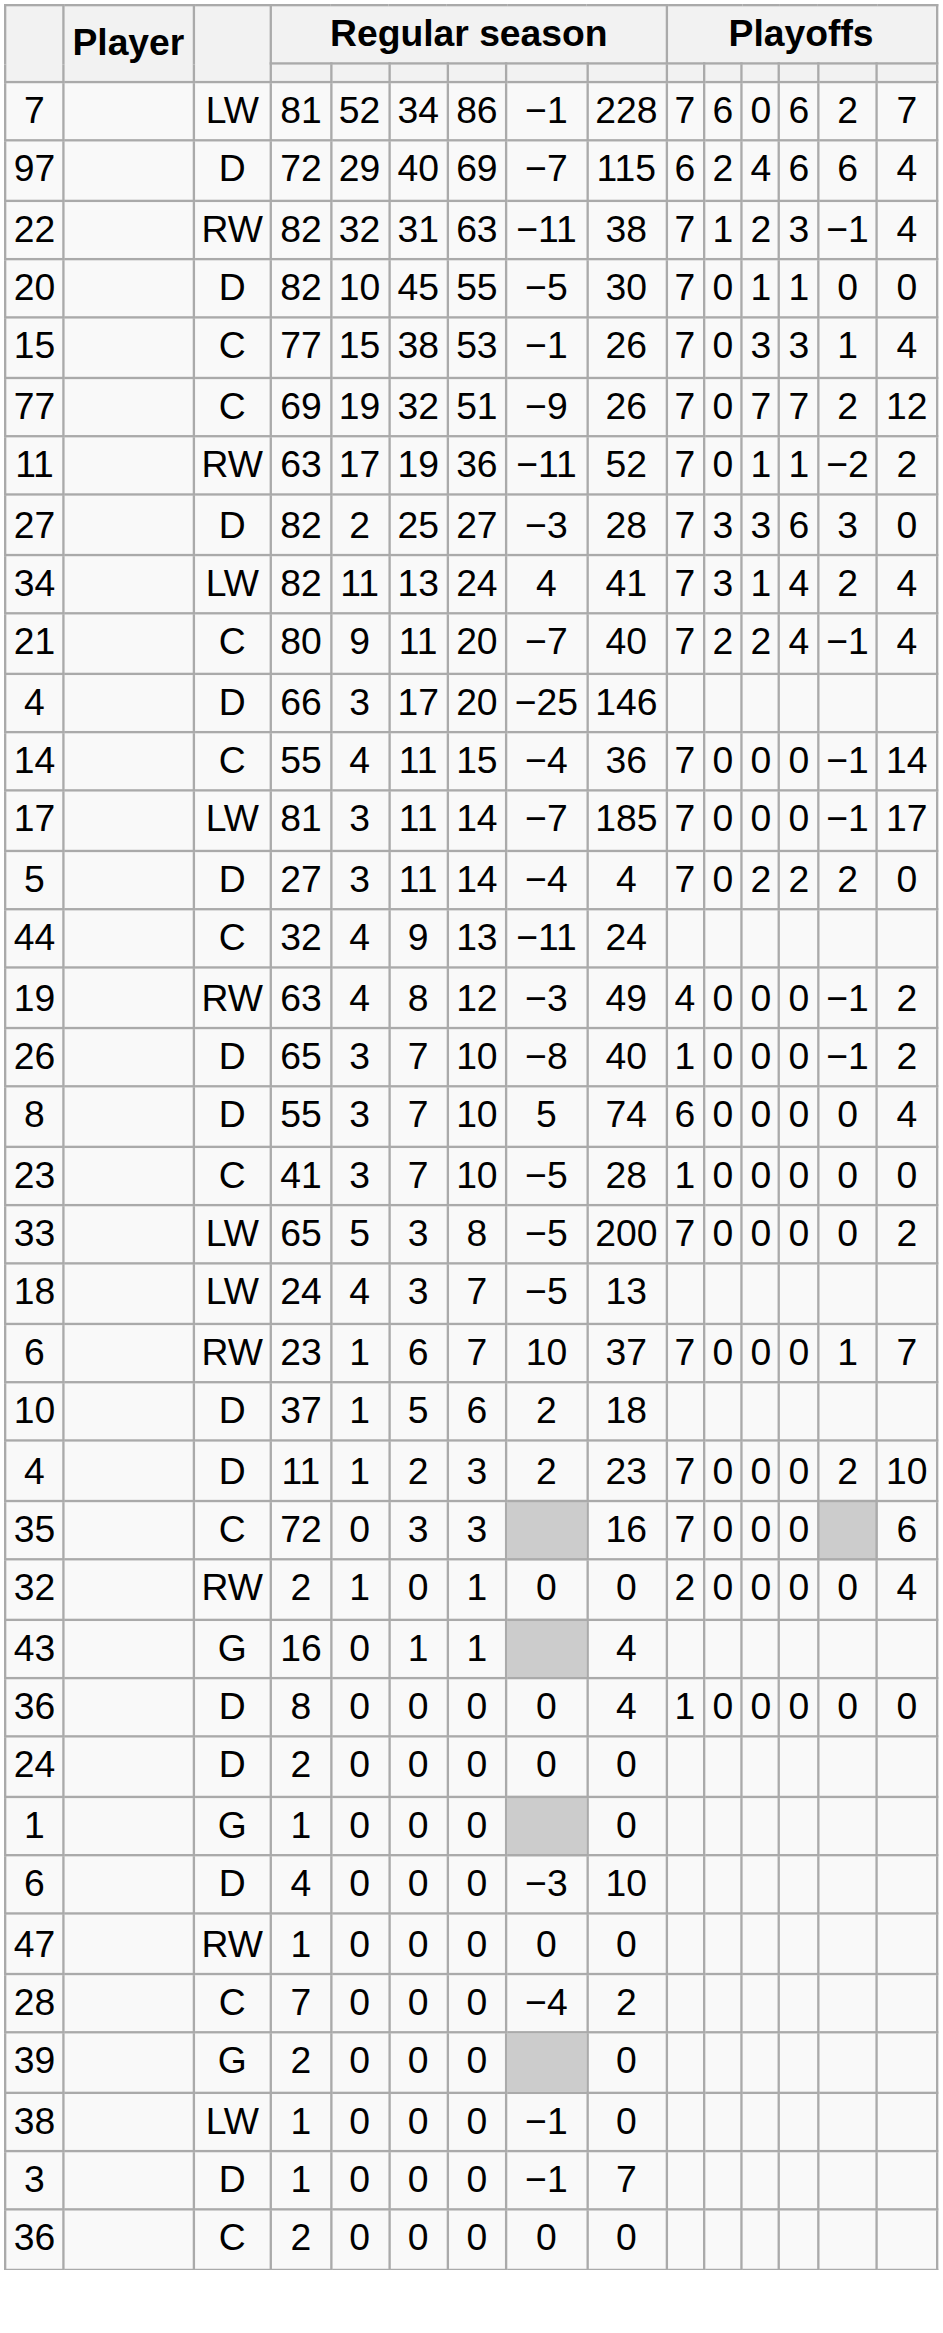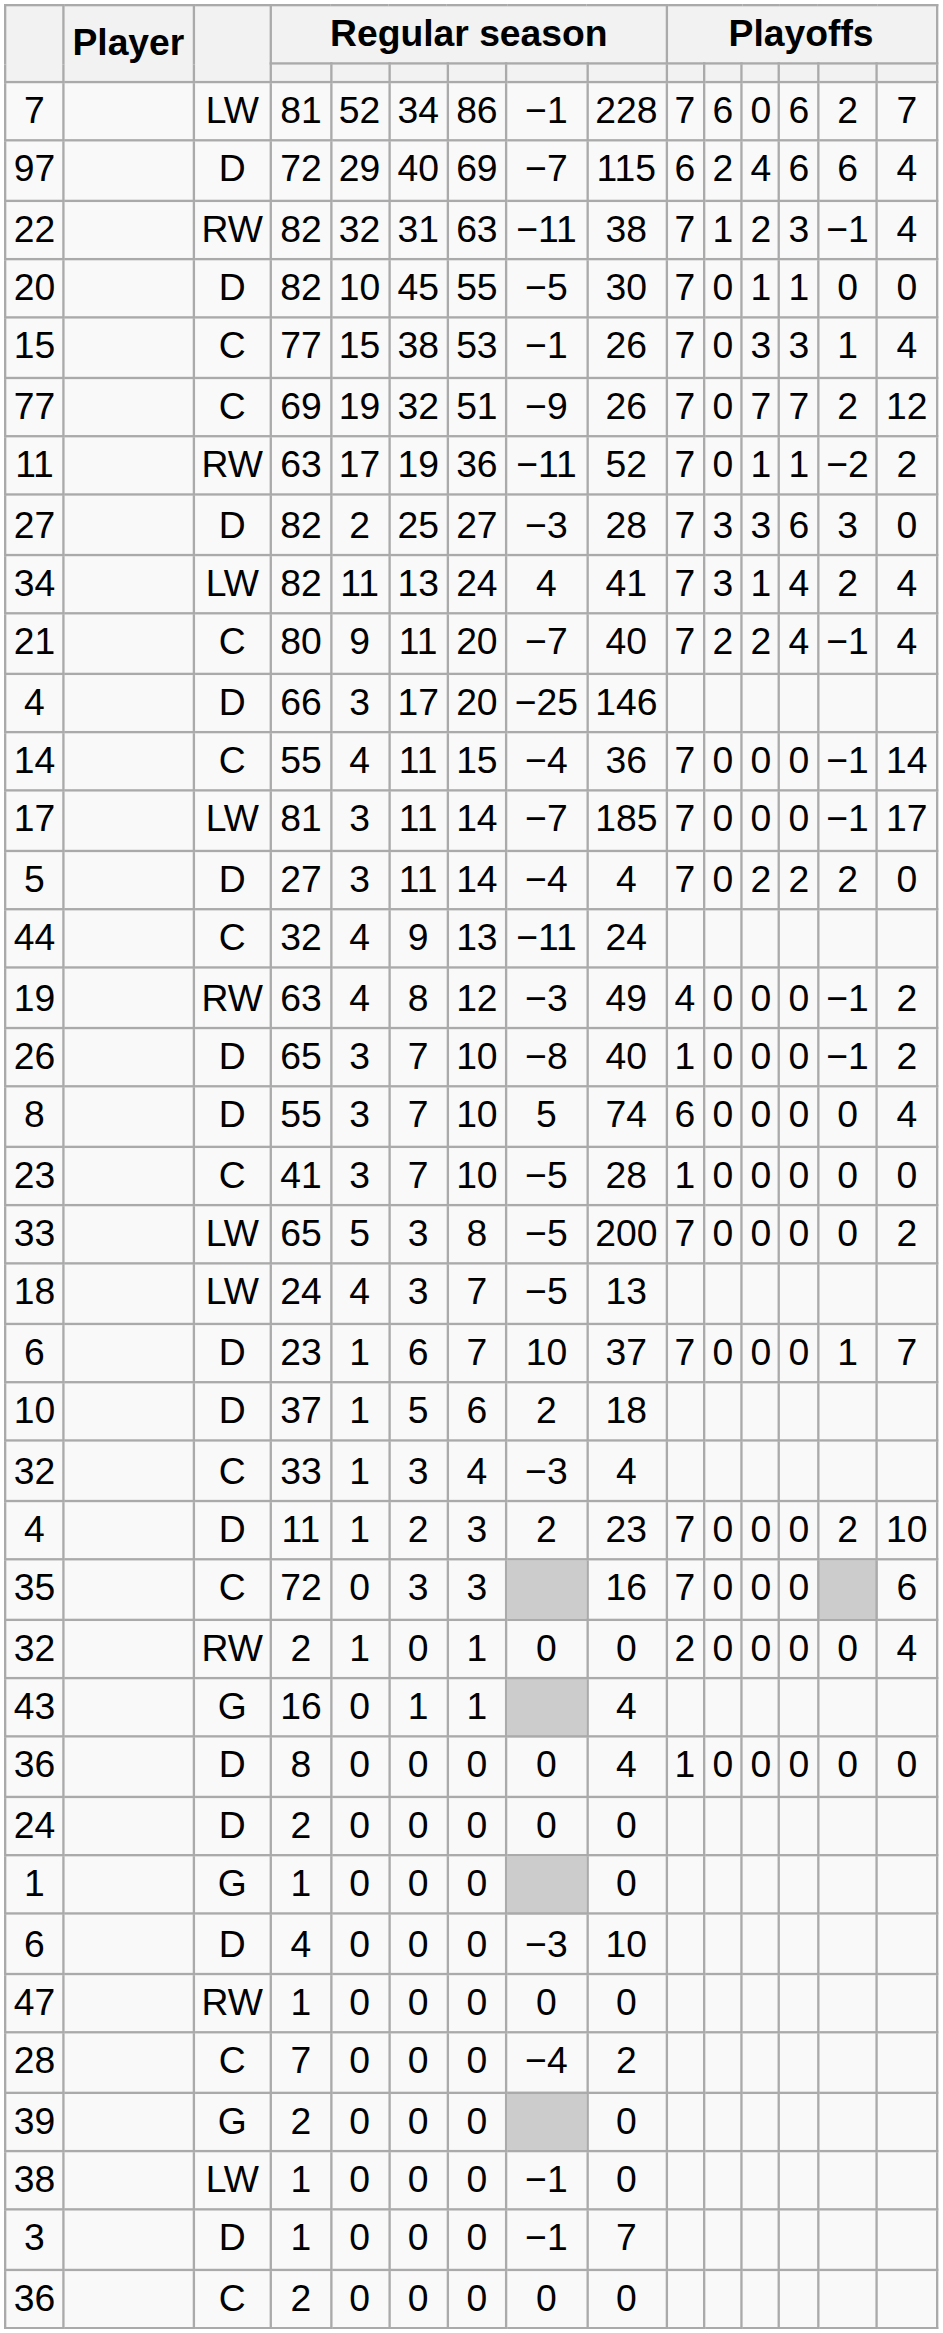 <table class="wikitable sortable plainrowheaders" style="text-align:center;">
 <tr>
 <th scope="col" data-sort-type="number" rowspan="2"></th>
 <th scope="col" rowspan="2">Player</th>
 <th scope="col" rowspan="2"></th>
 <th scope=colgroup colspan=6>Regular season</th>
 <th scope=colgroup colspan=6>Playoffs</th>
 </tr>
 <tr>
 <th scope="col" data-sort-type="number"></th>
 <th scope="col" data-sort-type="number"></th>
 <th scope="col" data-sort-type="number"></th>
 <th scope="col" data-sort-type="number"></th>
 <th scope="col" data-sort-type="number"></th>
 <th scope="col" data-sort-type="number"></th>
 <th scope="col" data-sort-type="number"></th>
 <th scope="col" data-sort-type="number"></th>
 <th scope="col" data-sort-type="number"></th>
 <th scope="col" data-sort-type="number"></th>
 <th scope="col" data-sort-type="number"></th>
 <th scope="col" data-sort-type="number"></th>
 </tr>
 <tr>
 <td scope="row">7</td>
 <td align="left"></td>
 <td>LW</td>
 <td>81</td>
 <td>52</td>
 <td>34</td>
 <td>86</td>
 <td>−1</td>
 <td>228</td>
 <td>7</td>
 <td>6</td>
 <td>0</td>
 <td>6</td>
 <td>2</td>
 <td>7</td>
 </tr>
 <tr>
 <td scope="row">97</td>
 <td align="left"></td>
 <td>D</td>
 <td>72</td>
 <td>29</td>
 <td>40</td>
 <td>69</td>
 <td>−7</td>
 <td>115</td>
 <td>6</td>
 <td>2</td>
 <td>4</td>
 <td>6</td>
 <td>6</td>
 <td>4</td>
 </tr>
 <tr>
 <td scope="row">22</td>
 <td align="left"></td>
 <td>RW</td>
 <td>82</td>
 <td>32</td>
 <td>31</td>
 <td>63</td>
 <td>−11</td>
 <td>38</td>
 <td>7</td>
 <td>1</td>
 <td>2</td>
 <td>3</td>
 <td>−1</td>
 <td>4</td>
 </tr>
 <tr>
 <td scope="row">20</td>
 <td align="left"></td>
 <td>D</td>
 <td>82</td>
 <td>10</td>
 <td>45</td>
 <td>55</td>
 <td>−5</td>
 <td>30</td>
 <td>7</td>
 <td>0</td>
 <td>1</td>
 <td>1</td>
 <td>0</td>
 <td>0</td>
 </tr>
 <tr>
 <td scope="row">15</td>
 <td align="left"></td>
 <td>C</td>
 <td>77</td>
 <td>15</td>
 <td>38</td>
 <td>53</td>
 <td>−1</td>
 <td>26</td>
 <td>7</td>
 <td>0</td>
 <td>3</td>
 <td>3</td>
 <td>1</td>
 <td>4</td>
 </tr>
 <tr>
 <td scope="row">77</td>
 <td align="left"></td>
 <td>C</td>
 <td>69</td>
 <td>19</td>
 <td>32</td>
 <td>51</td>
 <td>−9</td>
 <td>26</td>
 <td>7</td>
 <td>0</td>
 <td>7</td>
 <td>7</td>
 <td>2</td>
 <td>12</td>
 </tr>
 <tr>
 <td scope="row">11</td>
 <td align="left"></td>
 <td>RW</td>
 <td>63</td>
 <td>17</td>
 <td>19</td>
 <td>36</td>
 <td>−11</td>
 <td>52</td>
 <td>7</td>
 <td>0</td>
 <td>1</td>
 <td>1</td>
 <td>−2</td>
 <td>2</td>
 </tr>
 <tr>
 <td scope="row">27</td>
 <td align="left"></td>
 <td>D</td>
 <td>82</td>
 <td>2</td>
 <td>25</td>
 <td>27</td>
 <td>−3</td>
 <td>28</td>
 <td>7</td>
 <td>3</td>
 <td>3</td>
 <td>6</td>
 <td>3</td>
 <td>0</td>
 </tr>
 <tr>
 <td scope="row">34</td>
 <td align="left"></td>
 <td>LW</td>
 <td>82</td>
 <td>11</td>
 <td>13</td>
 <td>24</td>
 <td>4</td>
 <td>41</td>
 <td>7</td>
 <td>3</td>
 <td>1</td>
 <td>4</td>
 <td>2</td>
 <td>4</td>
 </tr>
 <tr>
 <td scope="row">21</td>
 <td align="left"></td>
 <td>C</td>
 <td>80</td>
 <td>9</td>
 <td>11</td>
 <td>20</td>
 <td>−7</td>
 <td>40</td>
 <td>7</td>
 <td>2</td>
 <td>2</td>
 <td>4</td>
 <td>−1</td>
 <td>4</td>
 </tr>
 <tr>
 <td scope="row">4</td>
 <td align="left"></td>
 <td>D</td>
 <td>66</td>
 <td>3</td>
 <td>17</td>
 <td>20</td>
 <td>−25</td>
 <td>146</td>
 <td></td>
 <td></td>
 <td></td>
 <td></td>
 <td></td>
 <td></td>
 </tr>
 <tr>
 <td scope="row">14</td>
 <td align="left"></td>
 <td>C</td>
 <td>55</td>
 <td>4</td>
 <td>11</td>
 <td>15</td>
 <td>−4</td>
 <td>36</td>
 <td>7</td>
 <td>0</td>
 <td>0</td>
 <td>0</td>
 <td>−1</td>
 <td>14</td>
 </tr>
 <tr>
 <td scope="row">17</td>
 <td align="left"></td>
 <td>LW</td>
 <td>81</td>
 <td>3</td>
 <td>11</td>
 <td>14</td>
 <td>−7</td>
 <td>185</td>
 <td>7</td>
 <td>0</td>
 <td>0</td>
 <td>0</td>
 <td>−1</td>
 <td>17</td>
 </tr>
 <tr>
 <td scope="row">5</td>
 <td align="left"></td>
 <td>D</td>
 <td>27</td>
 <td>3</td>
 <td>11</td>
 <td>14</td>
 <td>−4</td>
 <td>4</td>
 <td>7</td>
 <td>0</td>
 <td>2</td>
 <td>2</td>
 <td>2</td>
 <td>0</td>
 </tr>
 <tr>
 <td scope="row">44</td>
 <td align="left"></td>
 <td>C</td>
 <td>32</td>
 <td>4</td>
 <td>9</td>
 <td>13</td>
 <td>−11</td>
 <td>24</td>
 <td></td>
 <td></td>
 <td></td>
 <td></td>
 <td></td>
 <td></td>
 </tr>
 <tr>
 <td scope="row">19</td>
 <td align="left"></td>
 <td>RW</td>
 <td>63</td>
 <td>4</td>
 <td>8</td>
 <td>12</td>
 <td>−3</td>
 <td>49</td>
 <td>4</td>
 <td>0</td>
 <td>0</td>
 <td>0</td>
 <td>−1</td>
 <td>2</td>
 </tr>
 <tr>
 <td scope="row">26</td>
 <td align="left"></td>
 <td>D</td>
 <td>65</td>
 <td>3</td>
 <td>7</td>
 <td>10</td>
 <td>−8</td>
 <td>40</td>
 <td>1</td>
 <td>0</td>
 <td>0</td>
 <td>0</td>
 <td>−1</td>
 <td>2</td>
 </tr>
 <tr>
 <td scope="row">8</td>
 <td align="left"></td>
 <td>D</td>
 <td>55</td>
 <td>3</td>
 <td>7</td>
 <td>10</td>
 <td>5</td>
 <td>74</td>
 <td>6</td>
 <td>0</td>
 <td>0</td>
 <td>0</td>
 <td>0</td>
 <td>4</td>
 </tr>
 <tr>
 <td scope="row">23</td>
 <td align="left"></td>
 <td>C</td>
 <td>41</td>
 <td>3</td>
 <td>7</td>
 <td>10</td>
 <td>−5</td>
 <td>28</td>
 <td>1</td>
 <td>0</td>
 <td>0</td>
 <td>0</td>
 <td>0</td>
 <td>0</td>
 </tr>
 <tr>
 <td scope="row">33</td>
 <td align="left"></td>
 <td>LW</td>
 <td>65</td>
 <td>5</td>
 <td>3</td>
 <td>8</td>
 <td>−5</td>
 <td>200</td>
 <td>7</td>
 <td>0</td>
 <td>0</td>
 <td>0</td>
 <td>0</td>
 <td>2</td>
 </tr>
 <tr>
 <td scope="row">18</td>
 <td align="left"></td>
 <td>LW</td>
 <td>24</td>
 <td>4</td>
 <td>3</td>
 <td>7</td>
 <td>−5</td>
 <td>13</td>
 <td></td>
 <td></td>
 <td></td>
 <td></td>
 <td></td>
 <td></td>
 </tr>
 <tr>
 <td scope="row">6</td>
 <td align="left"></td>
-<td>RW</td>
+<td>D</td>
 <td>23</td>
 <td>1</td>
 <td>6</td>
 <td>7</td>
 <td>10</td>
 <td>37</td>
 <td>7</td>
 <td>0</td>
 <td>0</td>
 <td>0</td>
 <td>1</td>
 <td>7</td>
 </tr>
 <tr>
 <td scope="row">10</td>
 <td align="left"></td>
 <td>D</td>
 <td>37</td>
 <td>1</td>
 <td>5</td>
 <td>6</td>
 <td>2</td>
 <td>18</td>
+<td></td>
+<td></td>
+<td></td>
+<td></td>
+<td></td>
+<td></td>
+</tr>
+<tr>
+<td scope="row">32</td>
+<td align="left"></td>
+<td>C</td>
+<td>33</td>
+<td>1</td>
+<td>3</td>
+<td>4</td>
+<td>−3</td>
+<td>4</td>
 <td></td>
 <td></td>
 <td></td>
 <td></td>
 <td></td>
 <td></td>
 </tr>
 <tr>
 <td scope="row">4</td>
 <td align="left"></td>
 <td>D</td>
 <td>11</td>
 <td>1</td>
 <td>2</td>
 <td>3</td>
 <td>2</td>
 <td>23</td>
 <td>7</td>
 <td>0</td>
 <td>0</td>
 <td>0</td>
 <td>2</td>
 <td>10</td>
 </tr>
 <tr>
 <td scope="row">35</td>
 <td align="left"></td>
 <td>C</td>
 <td>72</td>
 <td>0</td>
 <td>3</td>
 <td>3</td>
 <td style="background:#ccc"></td>
 <td>16</td>
 <td>7</td>
 <td>0</td>
 <td>0</td>
 <td>0</td>
 <td style="background:#ccc"></td>
 <td>6</td>
 </tr>
 <tr>
 <td scope="row">32</td>
 <td align="left"></td>
 <td>RW</td>
 <td>2</td>
 <td>1</td>
 <td>0</td>
 <td>1</td>
 <td>0</td>
 <td>0</td>
 <td>2</td>
 <td>0</td>
 <td>0</td>
 <td>0</td>
 <td>0</td>
 <td>4</td>
 </tr>
 <tr>
 <td scope="row">43</td>
 <td align="left"></td>
 <td>G</td>
 <td>16</td>
 <td>0</td>
 <td>1</td>
 <td>1</td>
 <td style="background:#ccc"></td>
 <td>4</td>
 <td></td>
 <td></td>
 <td></td>
 <td></td>
 <td></td>
 <td></td>
 </tr>
 <tr>
 <td scope="row">36</td>
 <td align="left"></td>
 <td>D</td>
 <td>8</td>
 <td>0</td>
 <td>0</td>
 <td>0</td>
 <td>0</td>
 <td>4</td>
 <td>1</td>
 <td>0</td>
 <td>0</td>
 <td>0</td>
 <td>0</td>
 <td>0</td>
 </tr>
 <tr>
 <td scope="row">24</td>
 <td align="left"></td>
 <td>D</td>
 <td>2</td>
 <td>0</td>
 <td>0</td>
 <td>0</td>
 <td>0</td>
 <td>0</td>
 <td></td>
 <td></td>
 <td></td>
 <td></td>
 <td></td>
 <td></td>
 </tr>
 <tr>
 <td scope="row">1</td>
 <td align="left"></td>
 <td>G</td>
 <td>1</td>
 <td>0</td>
 <td>0</td>
 <td>0</td>
 <td style="background:#ccc"></td>
 <td>0</td>
 <td></td>
 <td></td>
 <td></td>
 <td></td>
 <td></td>
 <td></td>
 </tr>
 <tr>
 <td scope="row">6</td>
 <td align="left"></td>
 <td>D</td>
 <td>4</td>
 <td>0</td>
 <td>0</td>
 <td>0</td>
 <td>−3</td>
 <td>10</td>
 <td></td>
 <td></td>
 <td></td>
 <td></td>
 <td></td>
 <td></td>
 </tr>
 <tr>
 <td scope="row">47</td>
 <td align="left"></td>
 <td>RW</td>
 <td>1</td>
 <td>0</td>
 <td>0</td>
 <td>0</td>
 <td>0</td>
 <td>0</td>
 <td></td>
 <td></td>
 <td></td>
 <td></td>
 <td></td>
 <td></td>
 </tr>
 <tr>
 <td scope="row">28</td>
 <td align="left"></td>
 <td>C</td>
 <td>7</td>
 <td>0</td>
 <td>0</td>
 <td>0</td>
 <td>−4</td>
 <td>2</td>
 <td></td>
 <td></td>
 <td></td>
 <td></td>
 <td></td>
 <td></td>
 </tr>
 <tr>
 <td scope="row">39</td>
 <td align="left"></td>
 <td>G</td>
 <td>2</td>
 <td>0</td>
 <td>0</td>
 <td>0</td>
 <td style="background:#ccc"></td>
 <td>0</td>
 <td></td>
 <td></td>
 <td></td>
 <td></td>
 <td></td>
 <td></td>
 </tr>
 <tr>
 <td scope="row">38</td>
 <td align="left"></td>
 <td>LW</td>
 <td>1</td>
 <td>0</td>
 <td>0</td>
 <td>0</td>
 <td>−1</td>
 <td>0</td>
 <td></td>
 <td></td>
 <td></td>
 <td></td>
 <td></td>
 <td></td>
 </tr>
 <tr>
 <td scope="row">3</td>
 <td align="left"></td>
 <td>D</td>
 <td>1</td>
 <td>0</td>
 <td>0</td>
 <td>0</td>
 <td>−1</td>
 <td>7</td>
 <td></td>
 <td></td>
 <td></td>
 <td></td>
 <td></td>
 <td></td>
 </tr>
 <tr>
 <td scope="row">36</td>
 <td align="left"></td>
 <td>C</td>
 <td>2</td>
 <td>0</td>
 <td>0</td>
 <td>0</td>
 <td>0</td>
 <td>0</td>
 <td></td>
 <td></td>
 <td></td>
 <td></td>
 <td></td>
 <td></td>
 </tr>
 </table>
